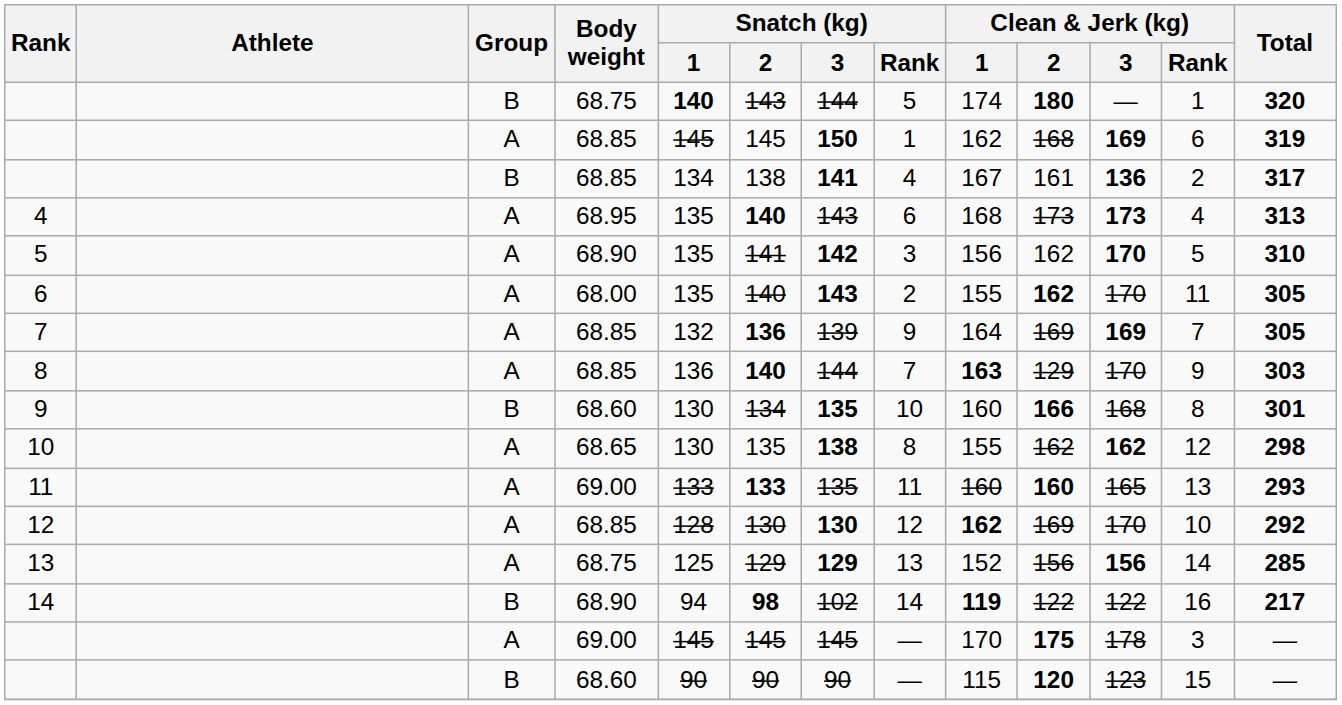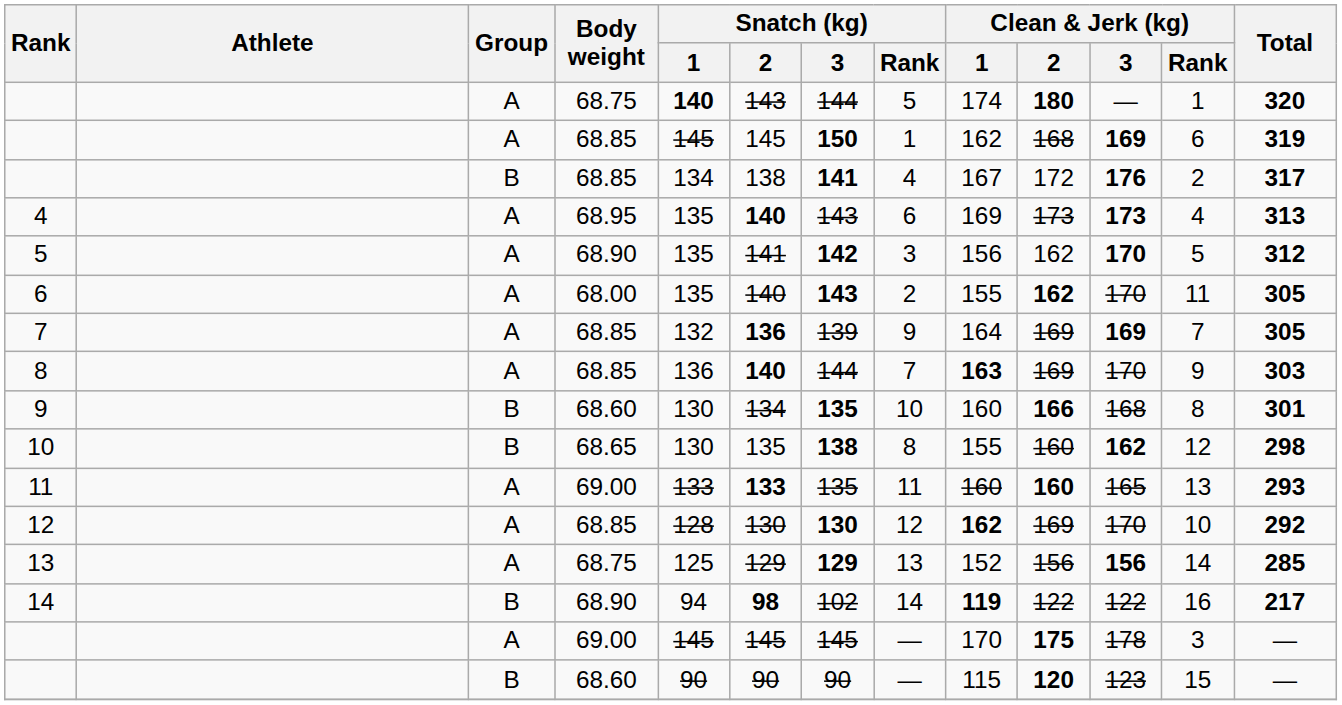 <table class = "wikitable" style="text-align:center;">
 <tr>
 <th rowspan=2 width=40>Rank</th>
 <th rowspan=2 width=250>Athlete</th>
 <th rowspan=2 width=50>Group</th>
 <th rowspan=2 width=60>Body weight</th>
 <th colspan=4>Snatch (kg)</th>
 <th colspan=4>Clean & Jerk (kg)</th>
 <th rowspan=2 width=60>Total</th>
 </tr>
 <tr>
 <th width=40>1</th>
 <th width=40>2</th>
 <th width=40>3</th>
 <th width=40>Rank</th>
 <th width=40>1</th>
 <th width=40>2</th>
 <th width=40>3</th>
 <th width=40>Rank</th>
 </tr>
 <tr>
 <td></td>
 <td align=left></td>
-<td>B</td>
+<td>A</td>
 <td>68.75</td>
 <td><strong>140</strong></td>
 <td><s>143</s></td>
 <td><s>144</s></td>
 <td>5</td>
 <td>174</td>
 <td><strong>180</strong></td>
 <td>—</td>
 <td>1</td>
 <td><strong>320</strong></td>
 </tr>
 <tr>
 <td></td>
 <td align=left></td>
 <td>A</td>
 <td>68.85</td>
 <td><s>145</s></td>
 <td>145</td>
 <td><strong>150</strong></td>
 <td>1</td>
 <td>162</td>
 <td><s>168</s></td>
 <td><strong>169</strong></td>
 <td>6</td>
 <td><strong>319</strong></td>
 </tr>
 <tr>
 <td></td>
 <td align=left></td>
 <td>B</td>
 <td>68.85</td>
 <td>134</td>
 <td>138</td>
 <td><strong>141</strong></td>
 <td>4</td>
 <td>167</td>
-<td>161</td>
-<td><strong>136</strong></td>
+<td>172</td>
+<td><strong>176</strong></td>
 <td>2</td>
 <td><strong>317</strong></td>
 </tr>
 <tr>
 <td>4</td>
 <td align=left></td>
 <td>A</td>
 <td>68.95</td>
 <td>135</td>
 <td><strong>140</strong></td>
 <td><s>143</s></td>
 <td>6</td>
-<td>168</td>
+<td>169</td>
 <td><s>173</s></td>
 <td><strong>173</strong></td>
 <td>4</td>
 <td><strong>313</strong></td>
 </tr>
 <tr>
 <td>5</td>
 <td align=left></td>
 <td>A</td>
 <td>68.90</td>
 <td>135</td>
 <td><s>141</s></td>
 <td><strong>142</strong></td>
 <td>3</td>
 <td>156</td>
 <td>162</td>
 <td><strong>170</strong></td>
 <td>5</td>
-<td><strong>310</strong></td>
+<td><strong>312</strong></td>
 </tr>
 <tr>
 <td>6</td>
 <td align=left></td>
 <td>A</td>
 <td>68.00</td>
 <td>135</td>
 <td><s>140</s></td>
 <td><strong>143</strong></td>
 <td>2</td>
 <td>155</td>
 <td><strong>162</strong></td>
 <td><s>170</s></td>
 <td>11</td>
 <td><strong>305</strong></td>
 </tr>
 <tr>
 <td>7</td>
 <td align=left></td>
 <td>A</td>
 <td>68.85</td>
 <td>132</td>
 <td><strong>136</strong></td>
 <td><s>139</s></td>
 <td>9</td>
 <td>164</td>
 <td><s>169</s></td>
 <td><strong>169</strong></td>
 <td>7</td>
 <td><strong>305</strong></td>
 </tr>
 <tr>
 <td>8</td>
 <td align=left></td>
 <td>A</td>
 <td>68.85</td>
 <td>136</td>
 <td><strong>140</strong></td>
 <td><s>144</s></td>
 <td>7</td>
 <td><strong>163</strong></td>
-<td><s>129</s></td>
+<td><s>169</s></td>
 <td><s>170</s></td>
 <td>9</td>
 <td><strong>303</strong></td>
 </tr>
 <tr>
 <td>9</td>
 <td align=left></td>
 <td>B</td>
 <td>68.60</td>
 <td>130</td>
 <td><s>134</s></td>
 <td><strong>135</strong></td>
 <td>10</td>
 <td>160</td>
 <td><strong>166</strong></td>
 <td><s>168</s></td>
 <td>8</td>
 <td><strong>301</strong></td>
 </tr>
 <tr>
 <td>10</td>
 <td align=left></td>
-<td>A</td>
+<td>B</td>
 <td>68.65</td>
 <td>130</td>
 <td>135</td>
 <td><strong>138</strong></td>
 <td>8</td>
 <td>155</td>
-<td><s>162</s></td>
+<td><s>160</s></td>
 <td><strong>162</strong></td>
 <td>12</td>
 <td><strong>298</strong></td>
 </tr>
 <tr>
 <td>11</td>
 <td align=left></td>
 <td>A</td>
 <td>69.00</td>
 <td><s>133</s></td>
 <td><strong>133</strong></td>
 <td><s>135</s></td>
 <td>11</td>
 <td><s>160</s></td>
 <td><strong>160</strong></td>
 <td><s>165</s></td>
 <td>13</td>
 <td><strong>293</strong></td>
 </tr>
 <tr>
 <td>12</td>
 <td align=left></td>
 <td>A</td>
 <td>68.85</td>
 <td><s>128</s></td>
 <td><s>130</s></td>
 <td><strong>130</strong></td>
 <td>12</td>
 <td><strong>162</strong></td>
 <td><s>169</s></td>
 <td><s>170</s></td>
 <td>10</td>
 <td><strong>292</strong></td>
 </tr>
 <tr>
 <td>13</td>
 <td align=left></td>
 <td>A</td>
 <td>68.75</td>
 <td>125</td>
 <td><s>129</s></td>
 <td><strong>129</strong></td>
 <td>13</td>
 <td>152</td>
 <td><s>156</s></td>
 <td><strong>156</strong></td>
 <td>14</td>
 <td><strong>285</strong></td>
 </tr>
 <tr>
 <td>14</td>
 <td align=left></td>
 <td>B</td>
 <td>68.90</td>
 <td>94</td>
 <td><strong>98</strong></td>
 <td><s>102</s></td>
 <td>14</td>
 <td><strong>119</strong></td>
 <td><s>122</s></td>
 <td><s>122</s></td>
 <td>16</td>
 <td><strong>217</strong></td>
 </tr>
 <tr>
 <td></td>
 <td align=left></td>
 <td>A</td>
 <td>69.00</td>
 <td><s>145</s></td>
 <td><s>145</s></td>
 <td><s>145</s></td>
 <td>—</td>
 <td>170</td>
 <td><strong>175</strong></td>
 <td><s>178</s></td>
 <td>3</td>
 <td>—</td>
 </tr>
 <tr>
 <td></td>
 <td align=left></td>
 <td>B</td>
 <td>68.60</td>
 <td><s>90</s></td>
 <td><s>90</s></td>
 <td><s>90</s></td>
 <td>—</td>
 <td>115</td>
 <td><strong>120</strong></td>
 <td><s>123</s></td>
 <td>15</td>
 <td>—</td>
 </tr>
 <tr>
 </tr>
 </table>
